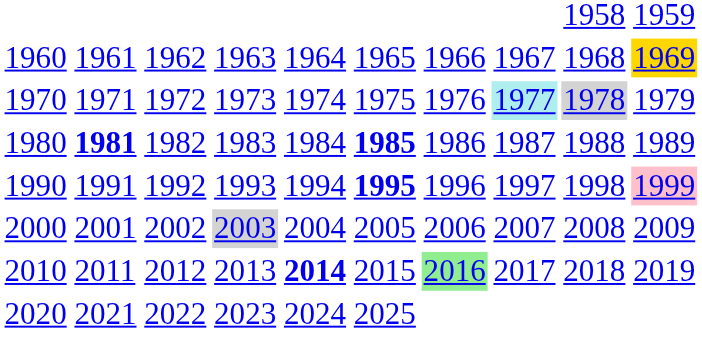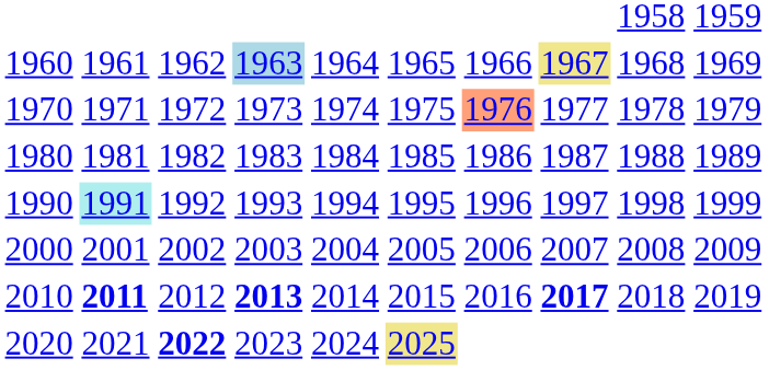 <table>
 <tr>
 <td></td>
 <td></td>
 <td></td>
 <td></td>
 <td></td>
 <td></td>
 <td></td>
 <td></td>
 <td></td>
 <td><a href='#'>1958</a></td>
 <td><a href='#'>1959</a></td>
 </tr>
 <tr>
 <td></td>
 <td><a href='#'>1960</a></td>
 <td><a href='#'>1961</a></td>
 <td><a href='#'>1962</a></td>
-<td><a href='#'>1963</a></td>
+<td style="background: lightblue;"><a href='#'>1963</a></td>
 <td><a href='#'>1964</a></td>
 <td><a href='#'>1965</a></td>
 <td><a href='#'>1966</a></td>
-<td><a href='#'>1967</a></td>
+<td style="background: khaki;"><a href='#'>1967</a></td>
 <td><a href='#'>1968</a></td>
-<td style="background: gold;"><a href='#'>1969</a></td>
+<td><a href='#'>1969</a></td>
 </tr>
 <tr>
 <td></td>
 <td><a href='#'>1970</a></td>
 <td><a href='#'>1971</a></td>
 <td><a href='#'>1972</a></td>
 <td><a href='#'>1973</a></td>
 <td><a href='#'>1974</a></td>
 <td><a href='#'>1975</a></td>
-<td><a href='#'>1976</a></td>
-<td style="background: paleturquoise;"><a href='#'>1977</a></td>
-<td style="background: lightgrey;"><a href='#'>1978</a></td>
+<td style="background: lightsalmon;"><a href='#'>1976</a></td>
+<td><a href='#'>1977</a></td>
+<td><a href='#'>1978</a></td>
 <td><a href='#'>1979</a></td>
 </tr>
 <tr>
 <td></td>
 <td><a href='#'>1980</a></td>
-<td><strong><a href='#'>1981</a></strong></td>
+<td><a href='#'>1981</a></td>
 <td><a href='#'>1982</a></td>
 <td><a href='#'>1983</a></td>
 <td><a href='#'>1984</a></td>
-<td><strong><a href='#'>1985</a></strong></td>
+<td><a href='#'>1985</a></td>
 <td><a href='#'>1986</a></td>
 <td><a href='#'>1987</a></td>
 <td><a href='#'>1988</a></td>
 <td><a href='#'>1989</a></td>
 </tr>
 <tr>
 <td></td>
 <td><a href='#'>1990</a></td>
-<td><a href='#'>1991</a></td>
+<td style="background: paleturquoise;"><a href='#'>1991</a></td>
 <td><a href='#'>1992</a></td>
 <td><a href='#'>1993</a></td>
 <td><a href='#'>1994</a></td>
-<td><strong><a href='#'>1995</a></strong></td>
+<td><a href='#'>1995</a></td>
 <td><a href='#'>1996</a></td>
 <td><a href='#'>1997</a></td>
 <td><a href='#'>1998</a></td>
-<td style="background: pink;"><a href='#'>1999</a></td>
+<td><a href='#'>1999</a></td>
 </tr>
 <tr>
 <td></td>
 <td><a href='#'>2000</a></td>
 <td><a href='#'>2001</a></td>
 <td><a href='#'>2002</a></td>
-<td style="background: lightgrey;"><a href='#'>2003</a></td>
+<td><a href='#'>2003</a></td>
 <td><a href='#'>2004</a></td>
 <td><a href='#'>2005</a></td>
 <td><a href='#'>2006</a></td>
 <td><a href='#'>2007</a></td>
 <td><a href='#'>2008</a></td>
 <td><a href='#'>2009</a></td>
 </tr>
 <tr>
 <td></td>
 <td><a href='#'>2010</a></td>
-<td><a href='#'>2011</a></td>
+<td><strong><a href='#'>2011</a></strong></td>
 <td><a href='#'>2012</a></td>
-<td><a href='#'>2013</a></td>
-<td><strong><a href='#'>2014</a></strong></td>
+<td><strong><a href='#'>2013</a></strong></td>
+<td><a href='#'>2014</a></td>
 <td><a href='#'>2015</a></td>
-<td style="background: lightgreen;"><a href='#'>2016</a></td>
-<td><a href='#'>2017</a></td>
+<td><a href='#'>2016</a></td>
+<td><strong><a href='#'>2017</a></strong></td>
 <td><a href='#'>2018</a></td>
 <td><a href='#'>2019</a></td>
 </tr>
 <tr>
 <td></td>
 <td><a href='#'>2020</a></td>
 <td><a href='#'>2021</a></td>
-<td><a href='#'>2022</a></td>
+<td><strong><a href='#'>2022</a></strong></td>
 <td><a href='#'>2023</a></td>
 <td><a href='#'>2024</a></td>
-<td><a href='#'>2025</a></td>
+<td style="background: khaki;"><a href='#'>2025</a></td>
 </tr>
 </table>
